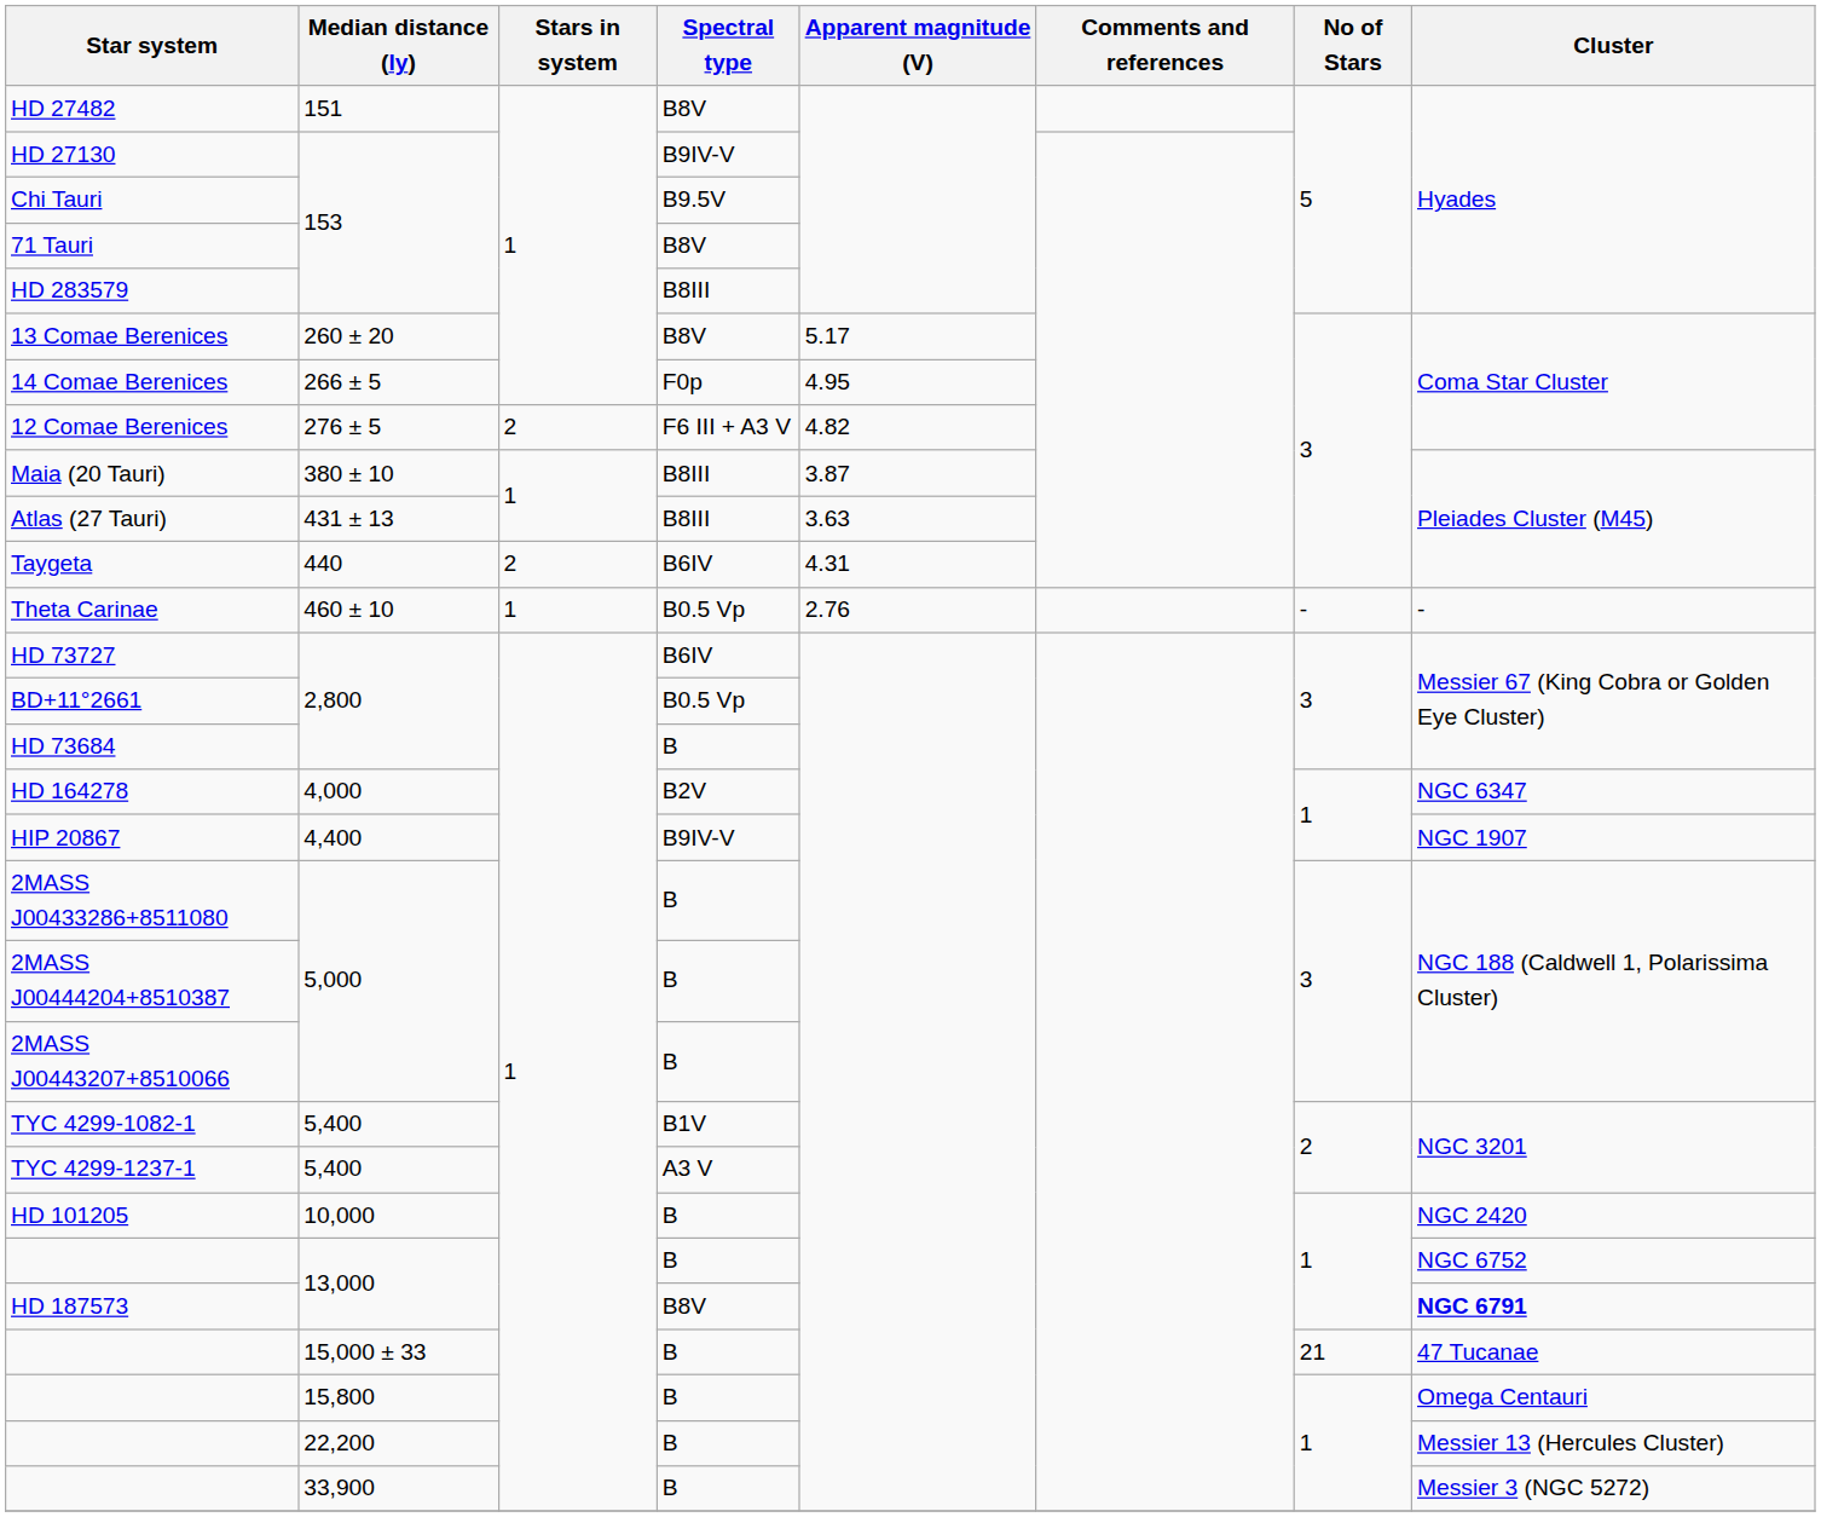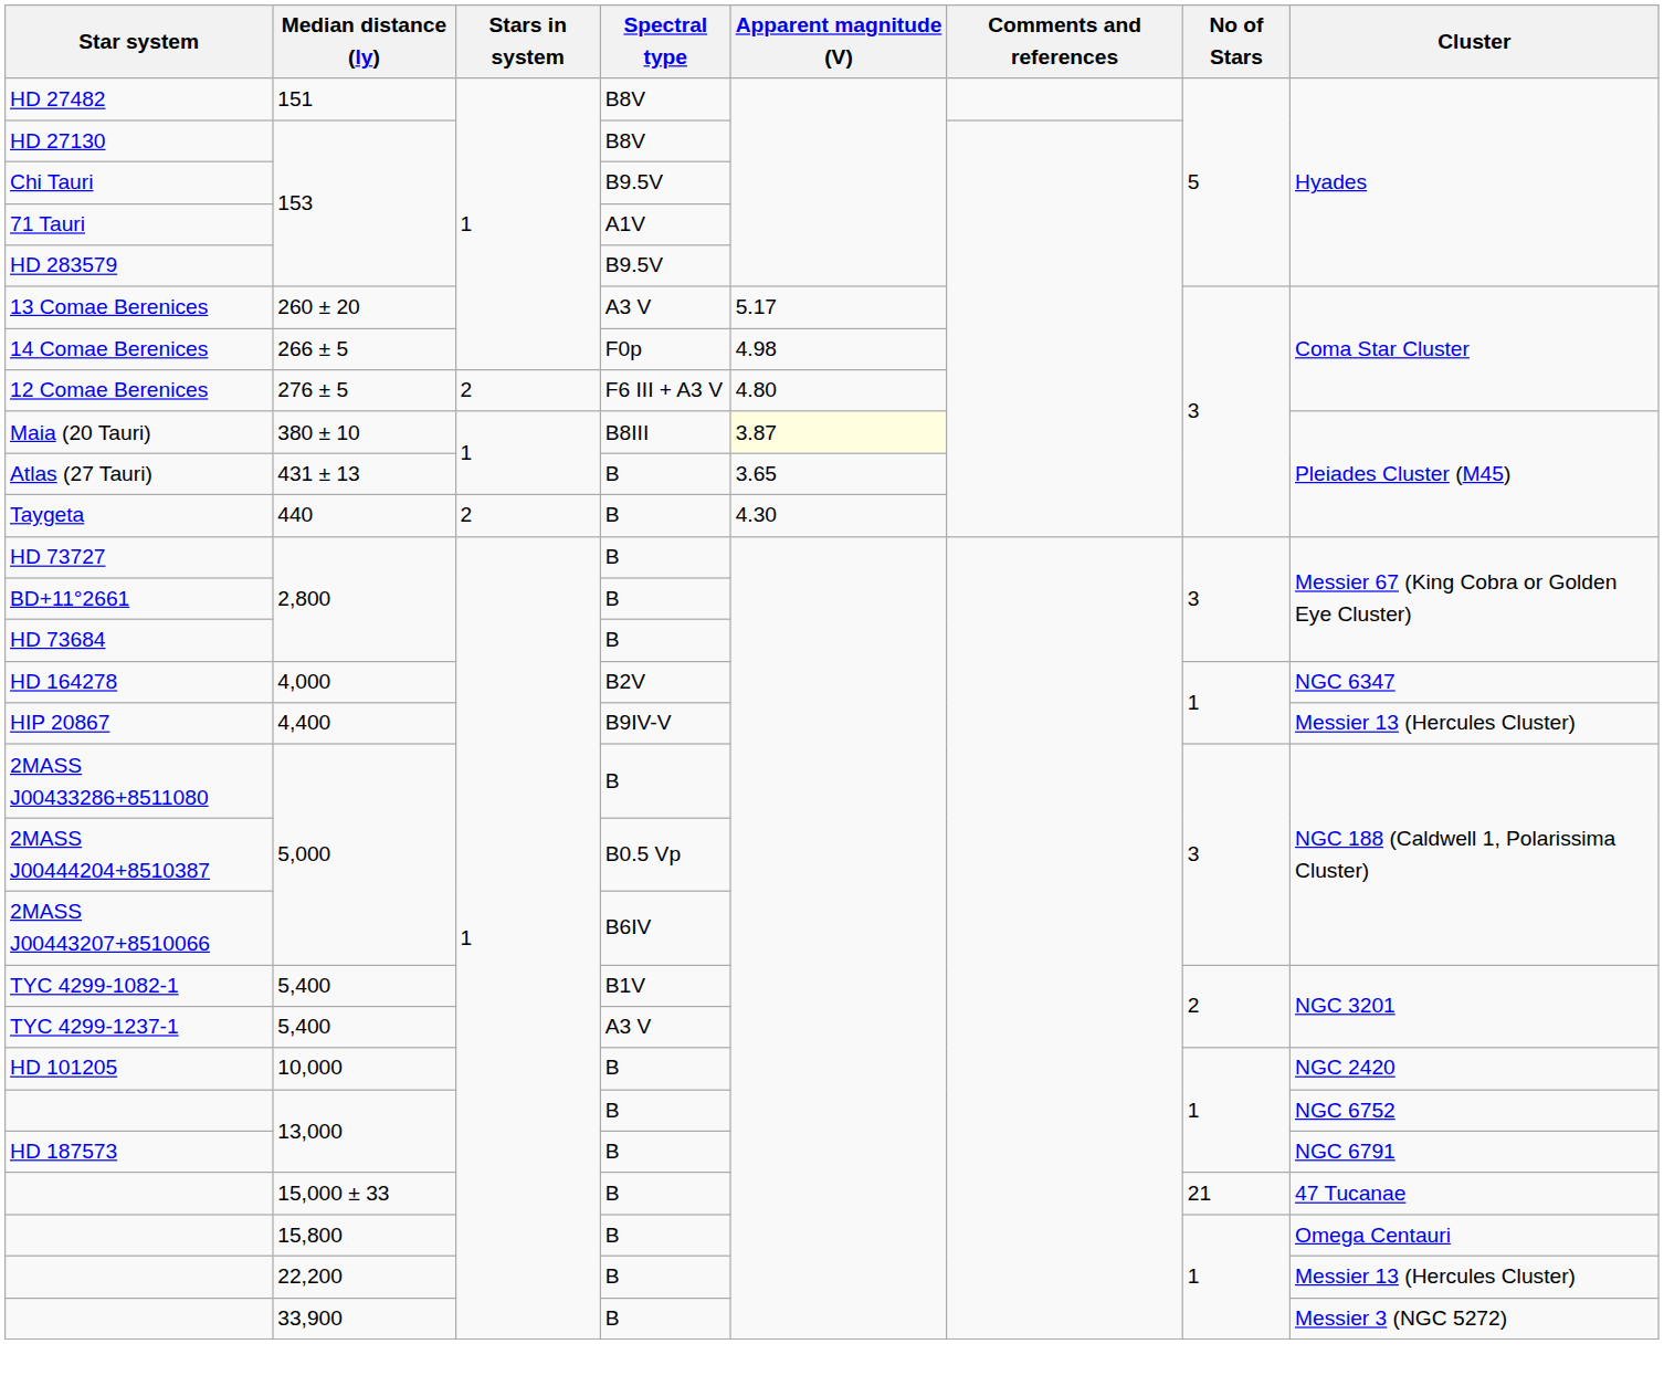 <table class="wikitable sortable" style="font-size:1.00em; line-height:1.5em; position:relative;">
 <tr>
 <th scope="col">Star system</th>
 <th scope="col">Median distance (<a href='#'>ly</a>)</th>
 <th scope="col">Stars in system</th>
 <th scope="col"><a href='#'>Spectral type</a></th>
 <th scope="col"><a href='#'>Apparent magnitude</a> (V)</th>
 <th scope="col">Comments and references</th>
 <th scope="col">No of Stars</th>
 <th scope="col">Cluster</th>
 </tr>
 <tr>
 <td><a href='#'>HD 27482</a></td>
 <td>151</td>
 <td rowspan="7">1</td>
 <td style="background: ">B8V</td>
 <td rowspan="5"></td>
 <td></td>
 <td rowspan = 5>5</td>
 <td rowspan = 5><a href='#'>Hyades</a></td>
 </tr>
 <tr>
 <td><a href='#'>HD 27130</a></td>
 <td rowspan="4">153</td>
-<td style="background: ">B9IV-V</td>
+<td style="background: ">B8V</td>
 <td rowspan="10"></td>
 </tr>
 <tr>
 <td><a href='#'>Chi Tauri</a></td>
 <td style="background: ">B9.5V</td>
 </tr>
 <tr>
 <td><a href='#'>71 Tauri</a></td>
-<td style="background: ">B8V</td>
+<td style="background: ">A1V</td>
 </tr>
 <tr>
 <td><a href='#'>HD 283579</a></td>
-<td style="background: ">B8III</td>
+<td style="background: ">B9.5V</td>
 </tr>
 <tr>
 <td><a href='#'>13 Comae Berenices</a></td>
 <td>260 ± 20</td>
-<td style="background: ">B8V</td>
+<td style="background: ">A3 V</td>
 <td>5.17</td>
 <td rowspan="6">3</td>
 <td rowspan = 3><a href='#'>Coma Star Cluster</a></td>
 </tr>
 <tr>
 <td><a href='#'>14 Comae Berenices</a></td>
 <td>266 ± 5</td>
 <td style="background: ">F0p</td>
-<td>4.95</td>
+<td>4.98</td>
 </tr>
 <tr>
 <td><a href='#'>12 Comae Berenices</a></td>
 <td>276 ± 5</td>
 <td>2</td>
 <td style="background: ">F6 III + A3 V</td>
-<td>4.82</td>
+<td>4.80</td>
 </tr>
 <tr>
 <td><a href='#'>Maia</a> (20 Tauri)</td>
 <td>380 ± 10</td>
 <td rowspan="2">1</td>
 <td style="background: ">B8III</td>
-<td>3.87</td>
+<td style="background: lightyellow;">3.87</td>
 <td rowspan = 3><a href='#'>Pleiades Cluster</a> (<a href='#'>M45</a>)</td>
 </tr>
 <tr>
 <td><a href='#'>Atlas</a> (27 Tauri)</td>
 <td>431 ± 13</td>
-<td style="background: ">B8III</td>
-<td>3.63</td>
+<td style="background: ">B</td>
+<td>3.65</td>
 </tr>
 <tr>
 <td><a href='#'>Taygeta</a></td>
 <td>440</td>
 <td>2</td>
-<td style="background: ">B6IV</td>
-<td>4.31</td>
-</tr>
-<tr>
-<td><a href='#'>Theta Carinae</a></td>
-<td>460 ± 10</td>
-<td>1</td>
-<td style="background: ">B0.5 Vp</td>
-<td>2.76</td>
-<td></td>
-<td>-</td>
-<td>-</td>
+<td style="background: ">B</td>
+<td>4.30</td>
 </tr>
 <tr>
 <td><a href='#'>HD 73727</a></td>
 <td rowspan="3">2,800</td>
 <td rowspan="17">1</td>
-<td style="background: ">B6IV</td>
+<td style="background: ">B</td>
 <td rowspan="17"></td>
 <td rowspan="17"></td>
 <td rowspan="3">3</td>
 <td rowspan = 3><a href='#'>Messier 67</a> (King Cobra or Golden Eye Cluster)</td>
 </tr>
 <tr>
 <td><a href='#'>BD+11°2661</a></td>
-<td style="background: ">B0.5 Vp</td>
+<td style="background: ">B</td>
 </tr>
 <tr>
 <td><a href='#'>HD 73684</a></td>
 <td style="background: ">B</td>
 </tr>
 <tr>
 <td><a href='#'>HD 164278</a></td>
 <td>4,000</td>
 <td style="background: ">B2V</td>
 <td rowspan="2">1</td>
 <td rowspan = 1><a href='#'>NGC 6347</a></td>
 </tr>
 <tr>
 <td><a href='#'>HIP 20867</a></td>
 <td>4,400</td>
 <td style="background: ">B9IV-V</td>
-<td rowspan = 1><a href='#'>NGC 1907</a></td>
+<td rowspan = 1><a href='#'>Messier 13</a> (Hercules Cluster)</td>
 </tr>
 <tr>
 <td><a href='#'>2MASS J00433286+8511080</a></td>
 <td rowspan="3">5,000</td>
 <td style="background: ">B</td>
 <td rowspan = 3>3</td>
 <td rowspan = 3><a href='#'>NGC 188</a> (Caldwell 1, Polarissima Cluster)</td>
 </tr>
 <tr>
 <td><a href='#'>2MASS J00444204+8510387</a></td>
-<td style="background: ">B</td>
+<td style="background: ">B0.5 Vp</td>
 </tr>
 <tr>
 <td><a href='#'>2MASS J00443207+8510066</a></td>
-<td style="background: ">B</td>
+<td style="background: ">B6IV</td>
 </tr>
 <tr>
 <td><a href='#'>TYC 4299-1082-1</a></td>
 <td>5,400</td>
 <td style="background: ">B1V</td>
 <td rowspan = 2>2</td>
 <td rowspan = 2><a href='#'>NGC 3201</a></td>
 </tr>
 <tr>
 <td><a href='#'>TYC 4299-1237-1</a></td>
 <td>5,400</td>
 <td style="background: ">A3 V</td>
 </tr>
 <tr>
 <td><a href='#'>HD 101205</a></td>
 <td>10,000</td>
 <td style="background: ">B</td>
 <td rowspan="3">1</td>
 <td rowspan = 1><a href='#'>NGC 2420</a></td>
 </tr>
 <tr>
 <td></td>
 <td rowspan="2">13,000</td>
 <td style="background: ">B</td>
 <td rowspan = 1><a href='#'>NGC 6752</a></td>
 </tr>
 <tr>
 <td><a href='#'>HD 187573</a></td>
-<td style="background: ">B8V</td>
-<td rowspan = 1><strong><a href='#'>NGC 6791</a></strong></td>
+<td style="background: ">B</td>
+<td rowspan = 1><a href='#'>NGC 6791</a></td>
 </tr>
 <tr>
 <td></td>
 <td>15,000 ± 33</td>
 <td style="background: ">B</td>
 <td rowspan = 1>21</td>
 <td rowspan = 1><a href='#'>47 Tucanae</a></td>
 </tr>
 <tr>
 <td></td>
 <td>15,800</td>
 <td style="background: ">B</td>
 <td rowspan="3">1</td>
 <td rowspan = 1><a href='#'>Omega Centauri</a></td>
 </tr>
 <tr>
 <td></td>
 <td>22,200</td>
 <td style="background: ">B</td>
 <td rowspan = 1><a href='#'>Messier 13</a> (Hercules Cluster)</td>
 </tr>
 <tr>
 <td></td>
 <td>33,900</td>
 <td style="background: ">B</td>
 <td rowspan = 1><a href='#'>Messier 3</a> (NGC 5272)</td>
 </tr>
 <tr>
 </tr>
 </table>
